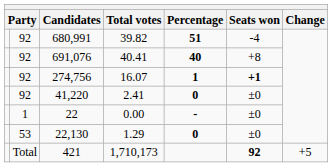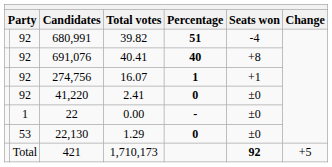 <table class=wikitable>
 <tr>
 <th colspan=7></th>
 </tr>
 <tr>
 <th colspan=2>Party</th>
 <th align=center>Candidates</th>
 <th align=right>Total votes</th>
 <th align=right>Percentage</th>
 <th align=center>Seats won</th>
 <th align=center>Change</th>
 </tr>
 <tr>
 <td></td>
 <td align=center>92</td>
 <td align=center>680,991</td>
 <td align=center>39.82</td>
 <td align=center><strong>51</strong></td>
 <td align=center>-4</td>
 </tr>
 <tr>
 <td></td>
 <td align=center>92</td>
 <td align=center>691,076</td>
 <td align=center>40.41</td>
 <td align=center><strong>40</strong></td>
 <td align=center>+8</td>
 </tr>
 <tr>
 <td></td>
 <td align=center>92</td>
 <td align=center>274,756</td>
 <td align=center>16.07</td>
 <td align=center><strong>1</strong></td>
-<td align=center><strong>+1</strong></td>
+<td align=center>+1</td>
 </tr>
 <tr>
 <td></td>
 <td align=center>92</td>
 <td align=center>41,220</td>
 <td align=center>2.41</td>
 <td align=center><strong>0</strong></td>
 <td align=center>±0</td>
 </tr>
 <tr>
 <td></td>
 <td align=center>1</td>
 <td align=center>22</td>
 <td align=center>0.00</td>
 <td align=center><strong>-</strong></td>
 <td align=center>±0</td>
 </tr>
 <tr>
 <td></td>
 <td align=center>53</td>
 <td align=center>22,130</td>
 <td align=center>1.29</td>
 <td align=center><strong>0</strong></td>
 <td align=center>±0</td>
 </tr>
 <tr>
 <td></td>
 <td>Total</td>
 <td align=center>421</td>
 <td align=center>1,710,173</td>
 <td align=center></td>
 <td align=center><strong>92</strong></td>
 <td align=center>+5</td>
 </tr>
 </table>
